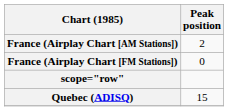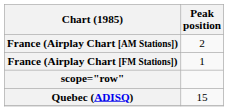 <table class="wikitable sortable plainrowheaders">
 <tr>
 <th>Chart (1985)</th>
 <th>Peak<br>position</th>
 </tr>
 <tr>
 <th scope="row">France (Airplay Chart <small>[AM Stations]</small>)</th>
 <td align="center">2</td>
 </tr>
 <tr>
 <th scope="row">France (Airplay Chart <small>[FM Stations]</small>)</th>
-<td align="center">0</td>
+<td align="center">1</td>
 </tr>
 <tr>
 <th>scope="row"</th>
 </tr>
 <tr>
 <th scope="row">Quebec (<a href='#'>ADISQ</a>)</th>
 <td align="center">15</td>
 </tr>
 <tr>
 </tr>
 </table>
